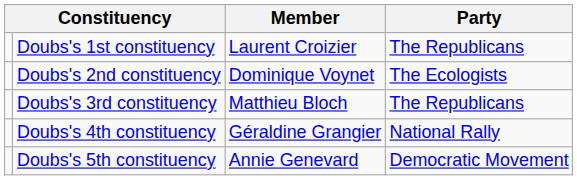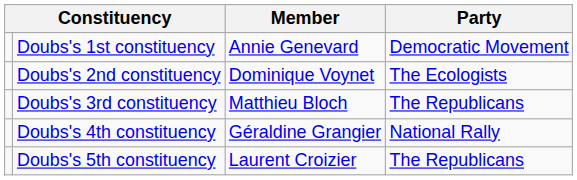 <table class="wikitable">
 <tr>
 <th colspan="2">Constituency</th>
 <th>Member</th>
 <th>Party</th>
 </tr>
 <tr>
 <td style="background-color: "></td>
 <td><a href='#'>Doubs's 1st constituency</a></td>
-<td><a href='#'>Laurent Croizier</a></td>
-<td><a href='#'>The Republicans</a></td>
+<td><a href='#'>Annie Genevard</a></td>
+<td><a href='#'>Democratic Movement</a></td>
 </tr>
 <tr>
 <td style="background-color: "></td>
 <td><a href='#'>Doubs's 2nd constituency</a></td>
 <td><a href='#'>Dominique Voynet</a></td>
 <td><a href='#'>The Ecologists</a></td>
 </tr>
 <tr>
 <td style="background-color: "></td>
 <td><a href='#'>Doubs's 3rd constituency</a></td>
 <td><a href='#'>Matthieu Bloch</a></td>
 <td><a href='#'>The Republicans</a></td>
 </tr>
 <tr>
 <td style="background-color: "></td>
 <td><a href='#'>Doubs's 4th constituency</a></td>
 <td><a href='#'>Géraldine Grangier</a></td>
 <td><a href='#'>National Rally</a></td>
 </tr>
 <tr>
 <td style="background-color: "></td>
 <td><a href='#'>Doubs's 5th constituency</a></td>
-<td><a href='#'>Annie Genevard</a></td>
-<td><a href='#'>Democratic Movement</a></td>
+<td><a href='#'>Laurent Croizier</a></td>
+<td><a href='#'>The Republicans</a></td>
 </tr>
 </table>
